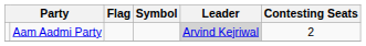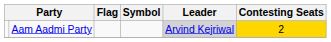 <table class="wikitable " style="text-align:center">
 <tr>
 <th colspan="2">Party</th>
 <th>Flag</th>
 <th>Symbol</th>
 <th>Leader</th>
 <th>Contesting Seats</th>
 </tr>
 <tr>
 <td></td>
 <td><a href='#'>Aam Aadmi Party</a></td>
 <td></td>
 <td></td>
 <td style="background: lightgrey;"><a href='#'>Arvind Kejriwal</a></td>
-<td>2</td>
+<td style="background: gold;">2</td>
 </tr>
 <tr>
 </tr>
 </table>
